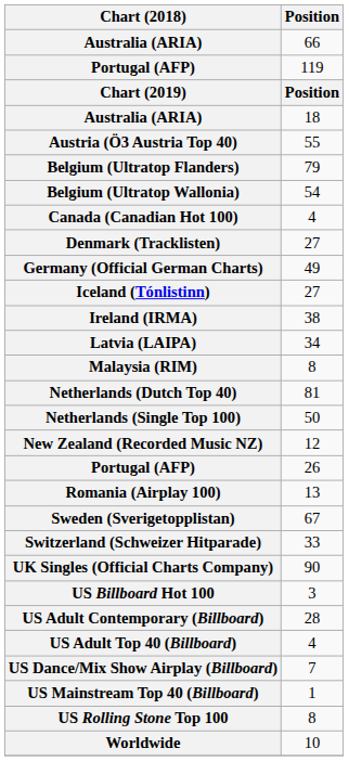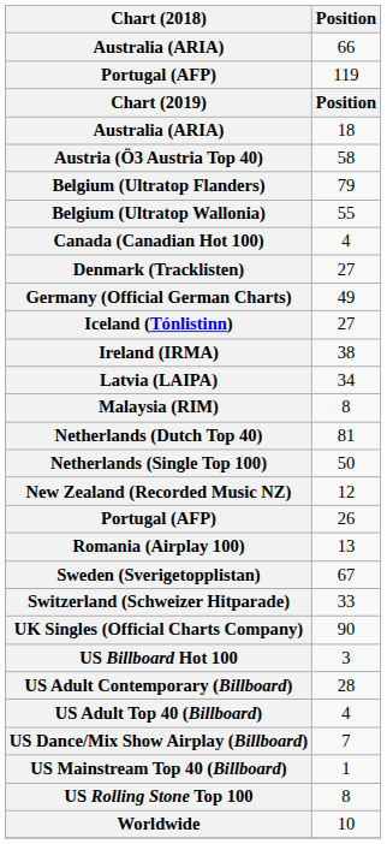 <table class="wikitable sortable plainrowheaders" style="text-align:center">
 <tr>
 <th scope="col">Chart (2018)</th>
 <th scope="col">Position</th>
 </tr>
 <tr>
 <th scope="row">Australia (ARIA)</th>
 <td>66</td>
 </tr>
 <tr>
 <th scope="row">Portugal (AFP)</th>
 <td>119</td>
 </tr>
 <tr>
 <th scope="col">Chart (2019)</th>
 <th scope="col">Position</th>
 </tr>
 <tr>
 <th scope="row">Australia (ARIA)</th>
 <td>18</td>
 </tr>
 <tr>
 <th scope="row">Austria (Ö3 Austria Top 40)</th>
-<td>55</td>
+<td>58</td>
 </tr>
 <tr>
 <th scope="row">Belgium (Ultratop Flanders)</th>
 <td>79</td>
 </tr>
 <tr>
 <th scope="row">Belgium (Ultratop Wallonia)</th>
-<td>54</td>
+<td>55</td>
 </tr>
 <tr>
 <th scope="row">Canada (Canadian Hot 100)</th>
 <td>4</td>
 </tr>
 <tr>
 <th scope="row">Denmark (Tracklisten)</th>
 <td>27</td>
 </tr>
 <tr>
 <th scope="row">Germany (Official German Charts)</th>
 <td>49</td>
 </tr>
 <tr>
 <th scope="row">Iceland (<a href='#'>Tónlistinn</a>)</th>
 <td>27</td>
 </tr>
 <tr>
 <th scope="row">Ireland (IRMA)</th>
 <td>38</td>
 </tr>
 <tr>
 <th scope="row">Latvia (LAIPA)</th>
 <td>34</td>
 </tr>
 <tr>
 <th scope="row">Malaysia (RIM)</th>
 <td>8</td>
 </tr>
 <tr>
 <th scope="row">Netherlands (Dutch Top 40)</th>
 <td>81</td>
 </tr>
 <tr>
 <th scope="row">Netherlands (Single Top 100)</th>
 <td>50</td>
 </tr>
 <tr>
 <th scope="row">New Zealand (Recorded Music NZ)</th>
 <td>12</td>
 </tr>
 <tr>
 <th scope="row">Portugal (AFP)</th>
 <td>26</td>
 </tr>
 <tr>
 <th scope="row">Romania (Airplay 100)</th>
 <td>13</td>
 </tr>
 <tr>
 <th scope="row">Sweden (Sverigetopplistan)</th>
 <td>67</td>
 </tr>
 <tr>
 <th scope="row">Switzerland (Schweizer Hitparade)</th>
 <td>33</td>
 </tr>
 <tr>
 <th scope="row">UK Singles (Official Charts Company)</th>
 <td>90</td>
 </tr>
 <tr>
 <th scope="row">US <em>Billboard</em> Hot 100</th>
 <td>3</td>
 </tr>
 <tr>
 <th scope="row">US Adult Contemporary (<em>Billboard</em>)</th>
 <td>28</td>
 </tr>
 <tr>
 <th scope="row">US Adult Top 40 (<em>Billboard</em>)</th>
 <td>4</td>
 </tr>
 <tr>
 <th scope="row">US Dance/Mix Show Airplay (<em>Billboard</em>)</th>
 <td>7</td>
 </tr>
 <tr>
 <th scope="row">US Mainstream Top 40 (<em>Billboard</em>)</th>
 <td>1</td>
 </tr>
 <tr>
 <th scope="row">US <em>Rolling Stone</em> Top 100</th>
 <td>8</td>
 </tr>
 <tr>
 <th scope="row">Worldwide</th>
 <td>10</td>
 </tr>
 <tr>
 </tr>
 </table>
